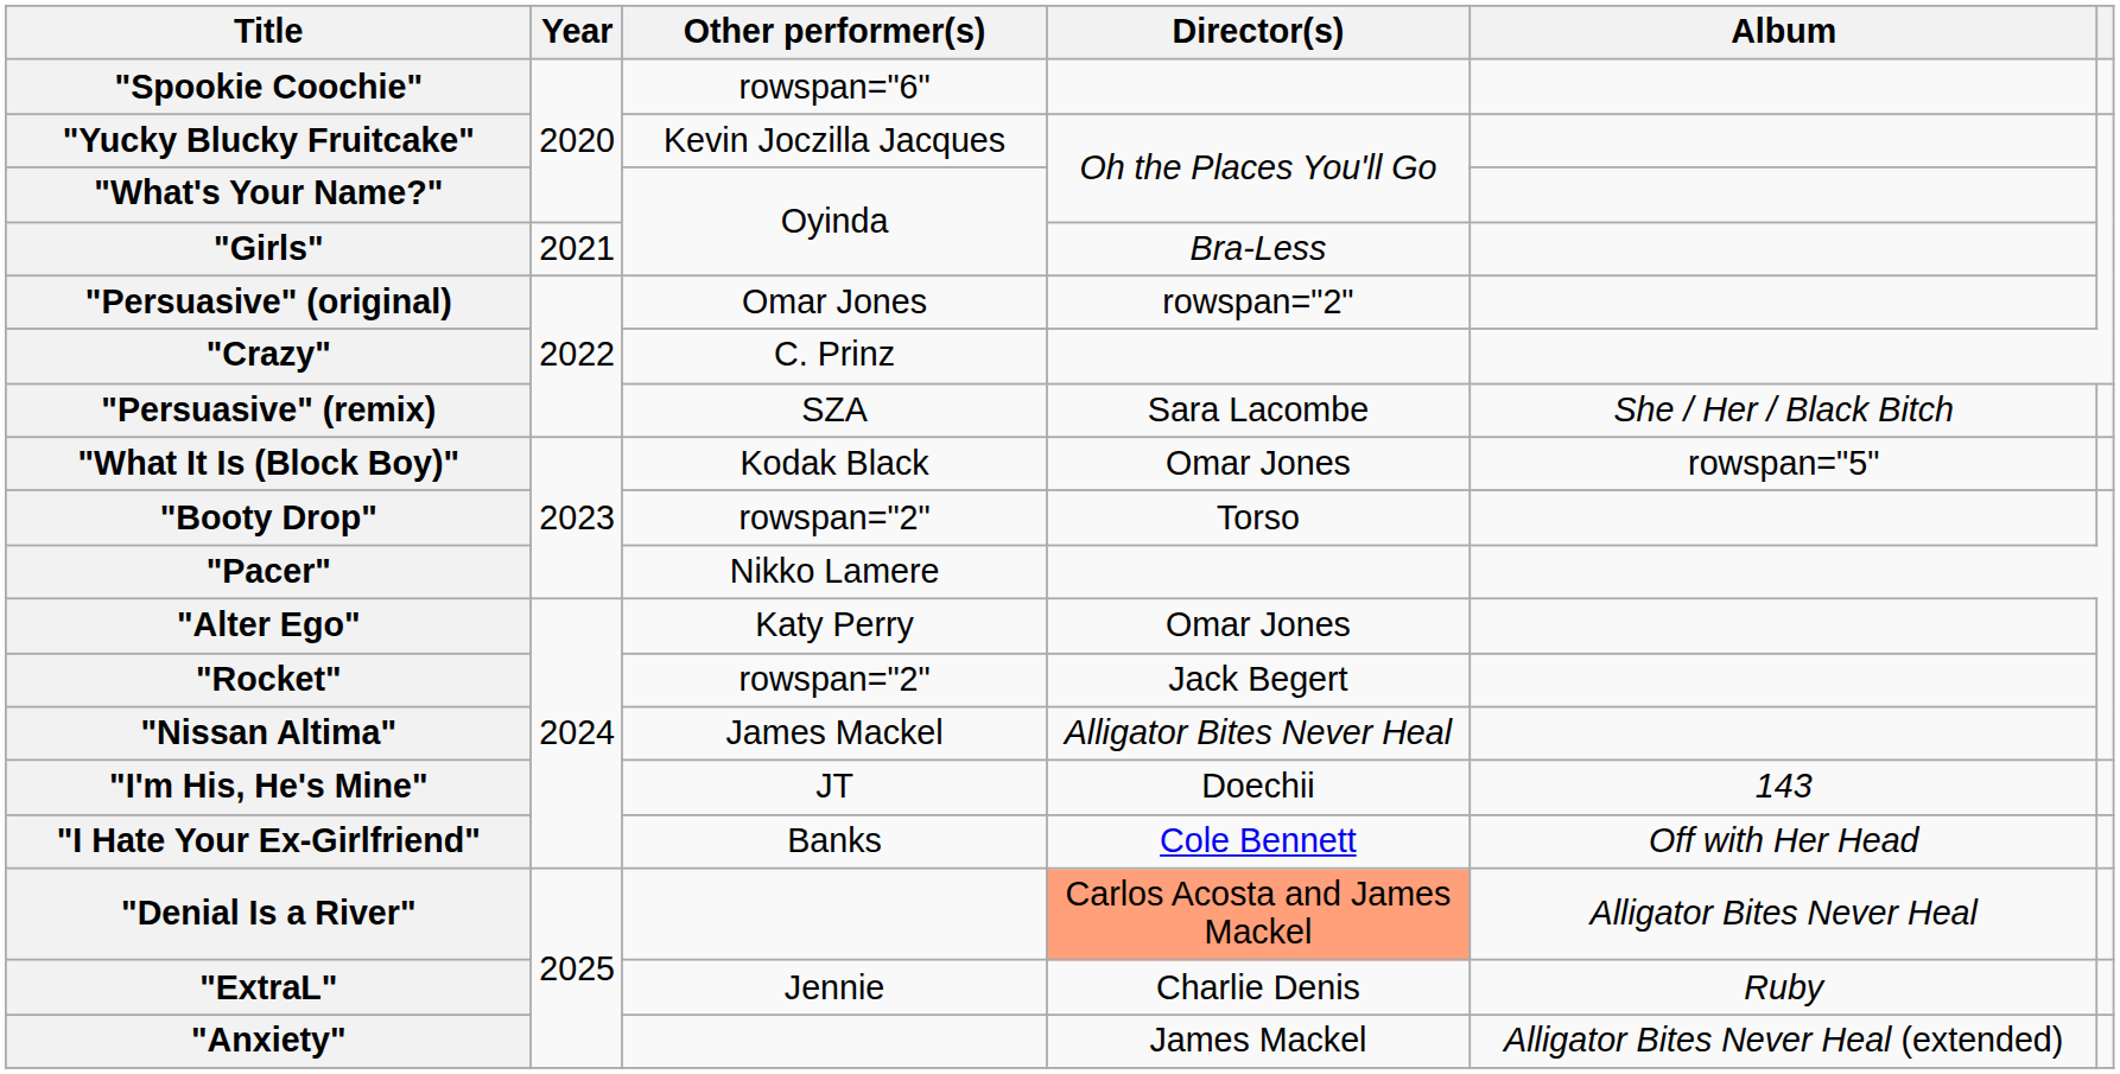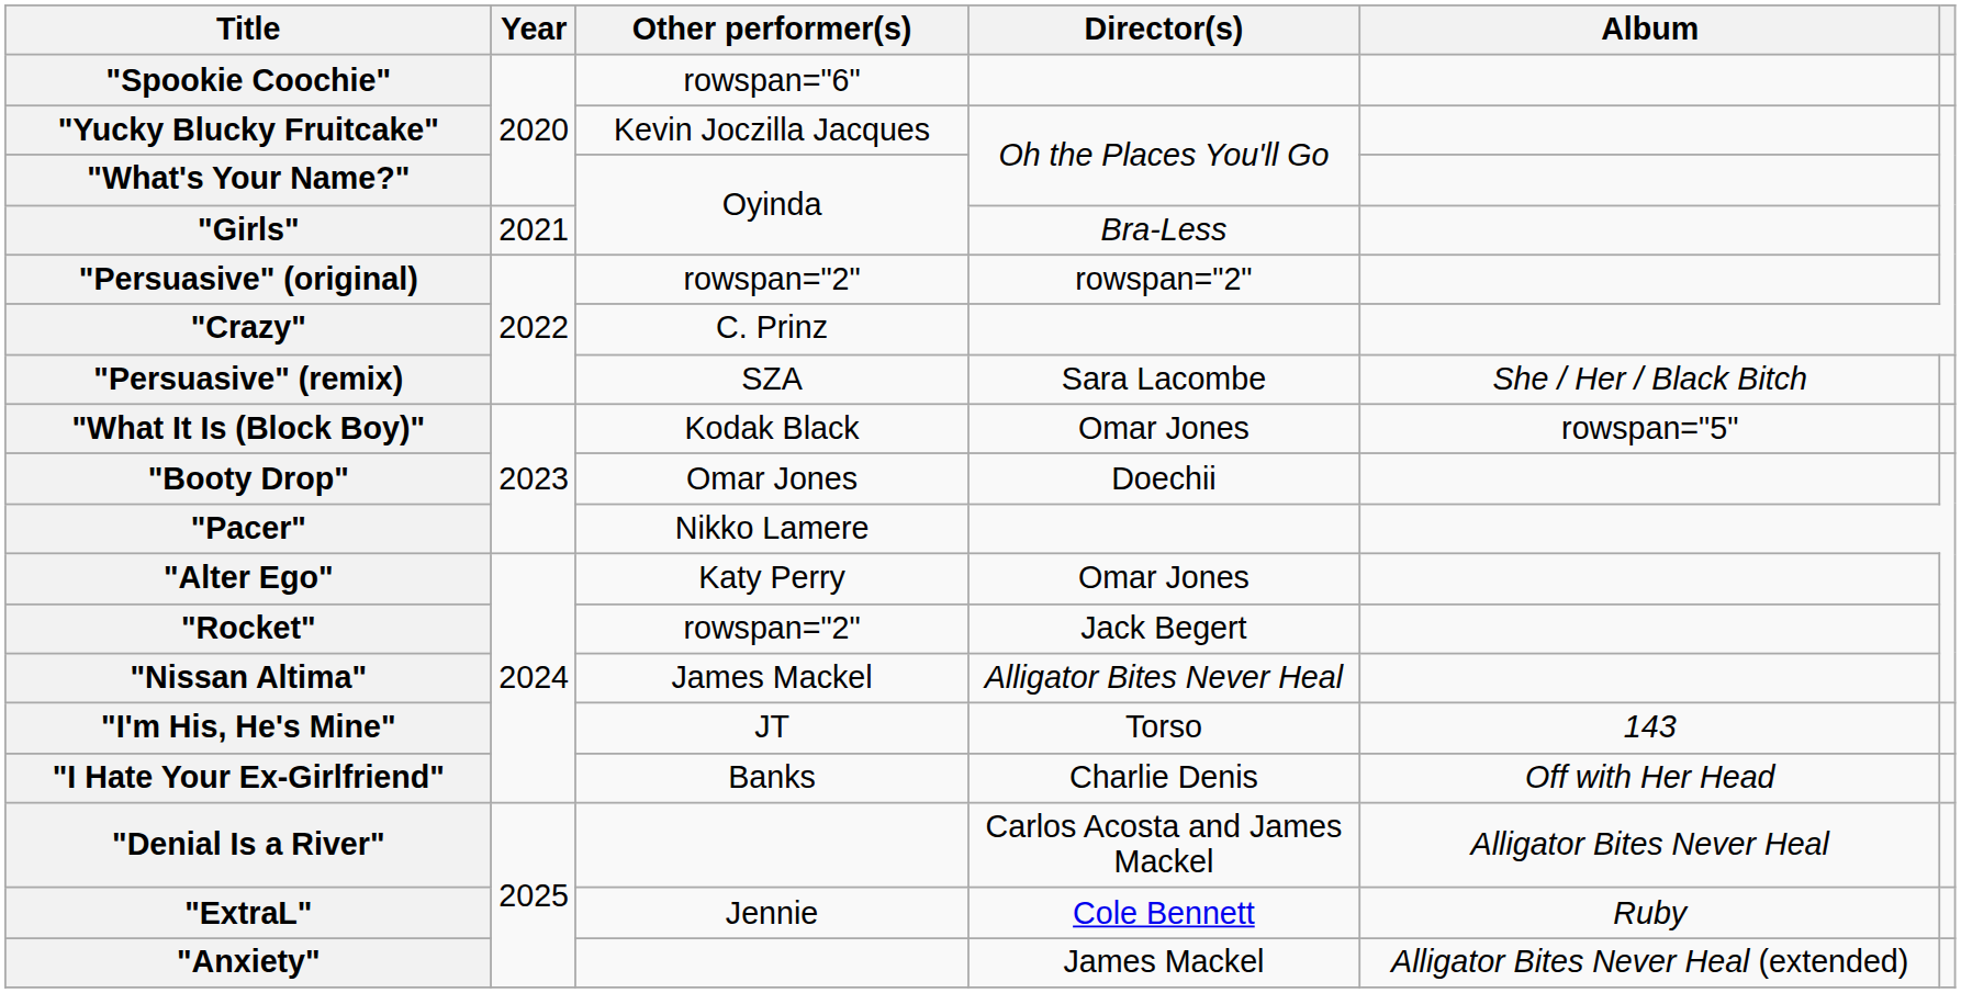 <table class="wikitable plainrowheaders" style="text-align: center;">
 <tr>
 <th scope="col" style="width:15em;">Title</th>
 <th scope="col" style="width:1em;">Year</th>
 <th style="width:12em;" scope="col">Other performer(s)</th>
 <th style="width:12em;" scope="col">Director(s)</th>
 <th style="width:18em;" scope="col">Album</th>
 <th scope="col"></th>
 </tr>
 <tr>
 <th scope="row">"Spookie Coochie"</th>
 <td rowspan="3">2020</td>
 <td>rowspan="6" </td>
 <td></td>
 <td></td>
 <td></td>
 </tr>
 <tr>
 <th scope="row">"Yucky Blucky Fruitcake"</th>
 <td>Kevin Joczilla Jacques</td>
 <td rowspan="2"><em>Oh the Places You'll Go</em></td>
 <td></td>
 </tr>
 <tr>
 <th scope="row">"What's Your Name?"</th>
 <td rowspan="2">Oyinda</td>
 <td></td>
 </tr>
 <tr>
 <th scope="row">"Girls"</th>
 <td>2021</td>
 <td><em>Bra-Less</em></td>
 <td></td>
 </tr>
 <tr>
 <th scope="row">"Persuasive" (original)</th>
 <td rowspan="3">2022</td>
-<td>Omar Jones</td>
+<td>rowspan="2" </td>
 <td>rowspan="2" </td>
 <td></td>
 </tr>
 <tr>
 <th scope="row">"Crazy"</th>
 <td>C. Prinz</td>
 <td></td>
 </tr>
 <tr>
 <th scope="row">"Persuasive" (remix)</th>
 <td>SZA</td>
 <td>Sara Lacombe</td>
 <td><em>She / Her / Black Bitch</em></td>
 <td></td>
 </tr>
 <tr>
 <th scope="row">"What It Is (Block Boy)"</th>
 <td rowspan="3">2023</td>
 <td>Kodak Black</td>
 <td>Omar Jones</td>
 <td>rowspan="5" </td>
 <td></td>
 </tr>
 <tr>
 <th scope="row">"Booty Drop"</th>
-<td>rowspan="2" </td>
-<td>Torso</td>
+<td>Omar Jones</td>
+<td>Doechii</td>
 <td></td>
 </tr>
 <tr>
 <th scope="row">"Pacer"</th>
 <td>Nikko Lamere</td>
 <td></td>
 </tr>
 <tr>
 <th scope="row">"Alter Ego"</th>
 <td rowspan="5">2024</td>
 <td>Katy Perry</td>
 <td>Omar Jones</td>
 <td></td>
 </tr>
 <tr>
 <th scope="row">"Rocket"</th>
 <td>rowspan="2" </td>
 <td>Jack Begert</td>
 <td></td>
 </tr>
 <tr>
 <th scope="row">"Nissan Altima"</th>
 <td>James Mackel</td>
 <td><em>Alligator Bites Never Heal</em></td>
 <td></td>
 </tr>
 <tr>
 <th scope="row">"I'm His, He's Mine"</th>
 <td>JT</td>
-<td>Doechii</td>
+<td>Torso</td>
 <td><em>143</em></td>
 <td></td>
 </tr>
 <tr>
 <th scope="row">"I Hate Your Ex-Girlfriend"</th>
 <td>Banks</td>
-<td><a href='#'>Cole Bennett</a></td>
+<td>Charlie Denis</td>
 <td><em>Off with Her Head</em></td>
 <td></td>
 </tr>
 <tr>
 <th scope="row">"Denial Is a River"</th>
 <td rowspan="3">2025</td>
 <td></td>
-<td style="background: lightsalmon;">Carlos Acosta and James Mackel</td>
+<td>Carlos Acosta and James Mackel</td>
 <td><em>Alligator Bites Never Heal</em></td>
 <td></td>
 </tr>
 <tr>
 <th scope="row">"ExtraL"</th>
 <td>Jennie</td>
-<td>Charlie Denis</td>
+<td><a href='#'>Cole Bennett</a></td>
 <td><em>Ruby</em></td>
 <td></td>
 </tr>
 <tr>
 <th scope="row">"Anxiety"</th>
 <td></td>
 <td>James Mackel</td>
 <td><em>Alligator Bites Never Heal</em> (extended)</td>
 <td></td>
 </tr>
 </table>
